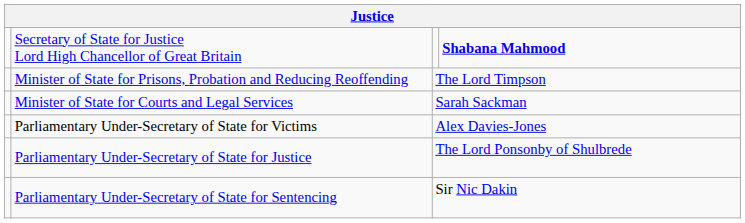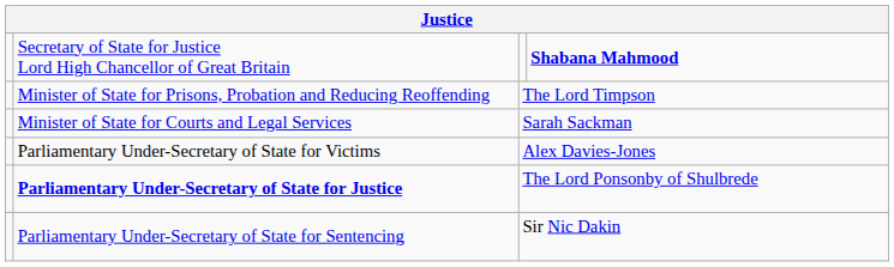 <table class="wikitable">
 <tr>
 <th colspan="4"><a href='#'>Justice</a></th>
 </tr>
 <tr>
 <td style="background: "></td>
 <td style="width: 450px;"><a href='#'>Secretary of State for Justice</a><br><a href='#'>Lord High Chancellor of Great Britain</a></td>
 <td style="background: "></td>
 <td style="width: 320px;"><strong><a href='#'>Shabana Mahmood</a></strong> </td>
 </tr>
 <tr>
 <td style="background: "></td>
 <td><a href='#'>Minister of State for Prisons, Probation and Reducing Reoffending</a></td>
 <td colspan="2"><a href='#'>The Lord Timpson</a> <br></td>
 </tr>
 <tr>
 <td style="background: "></td>
 <td><a href='#'>Minister of State for Courts and Legal Services</a></td>
 <td colspan="2"><a href='#'>Sarah Sackman</a> </td>
 </tr>
 <tr>
 <td style="background: "></td>
 <td>Parliamentary Under-Secretary of State for Victims</td>
 <td colspan="2"><a href='#'>Alex Davies-Jones</a></td>
 </tr>
 <tr>
 <td style="background: "></td>
-<td><a href='#'>Parliamentary Under-Secretary of State for Justice</a></td>
+<td><strong><a href='#'>Parliamentary Under-Secretary of State for Justice</a></strong></td>
 <td colspan="2"><a href='#'>The Lord Ponsonby of Shulbrede</a><br><br></td>
 </tr>
 <tr>
 <td style="background: "></td>
 <td><a href='#'>Parliamentary Under-Secretary of State for Sentencing</a></td>
 <td colspan="2">Sir <a href='#'>Nic Dakin</a><br><br></td>
 </tr>
 </table>
